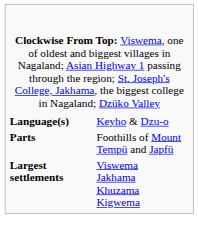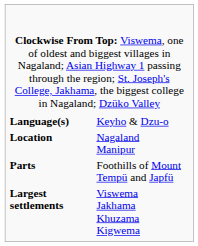 <table class="infobox" style="width: 270px; float: right;">
 <tr>
 <td colspan="2" style="text-align: center;"><br><br><strong>Clockwise From Top:</strong> <a href='#'>Viswema</a>, one of oldest and biggest villages in Nagaland; <a href='#'>Asian Highway 1</a> passing through the region; <a href='#'>St. Joseph's College, Jakhama</a>, the biggest college in Nagaland; <a href='#'>Dzüko Valley</a></td>
 </tr>
 <tr>
 <td colspan="2" style="text-align: center;"></td>
 </tr>
 <tr>
 <th style="text-align: left;">Language(s)</th>
 <td><a href='#'>Keyho</a> & <a href='#'>Dzu-o</a></td>
 </tr>
 <tr>
+<th style="text-align: left;">Location</th>
+<td><a href='#'>Nagaland</a> <br> <a href='#'>Manipur</a></td>
+</tr>
+<tr>
 <th style="text-align: left;">Parts</th>
 <td>Foothills of <a href='#'>Mount Tempü</a> and <a href='#'>Japfü</a></td>
 </tr>
 <tr>
 <th style="text-align: left;">Largest settlements</th>
 <td><a href='#'>Viswema</a><br><a href='#'>Jakhama</a><br><a href='#'>Khuzama</a><br><a href='#'>Kigwema</a></td>
 </tr>
 </table>
